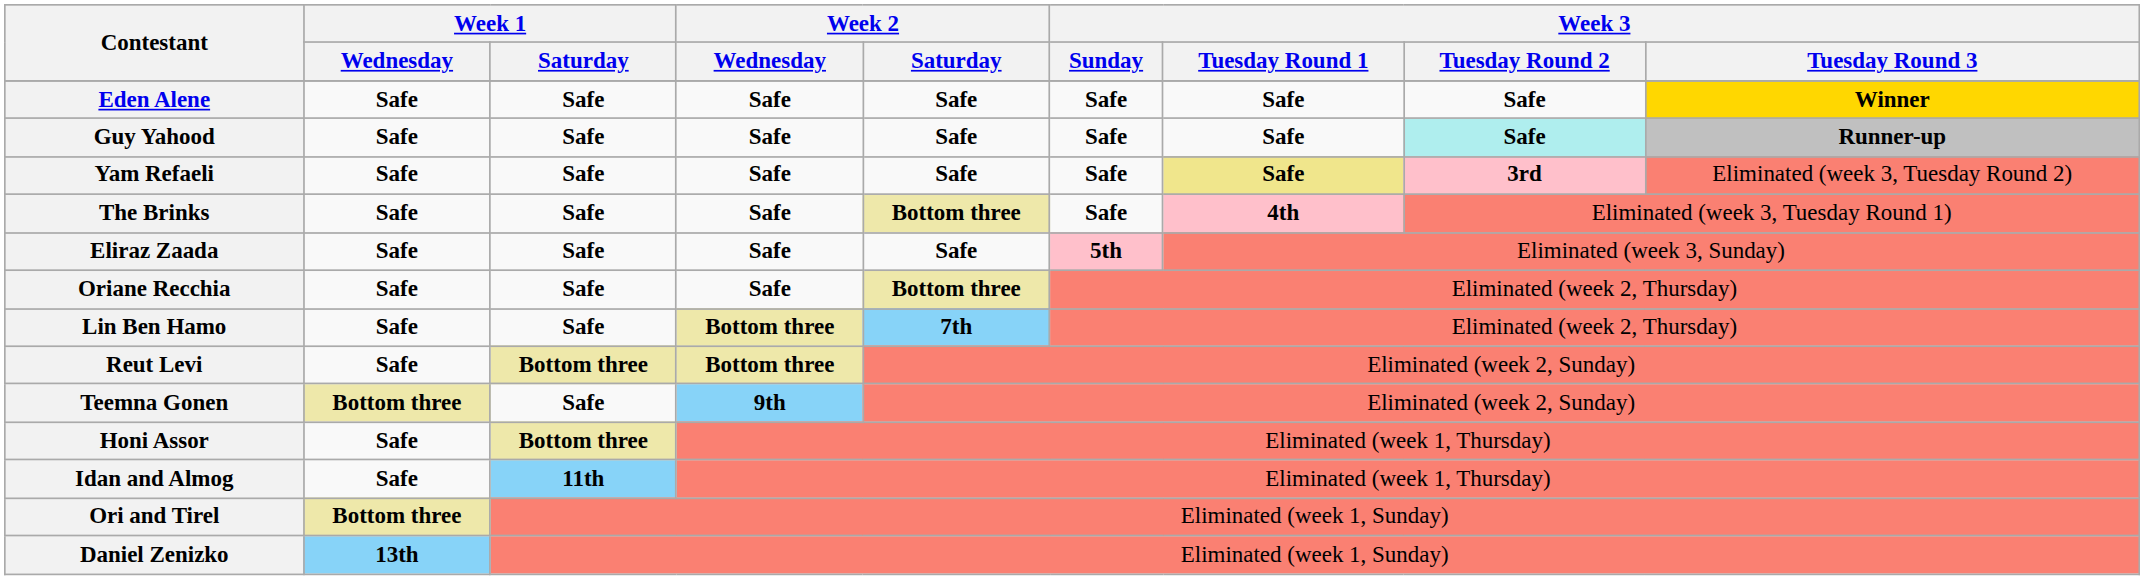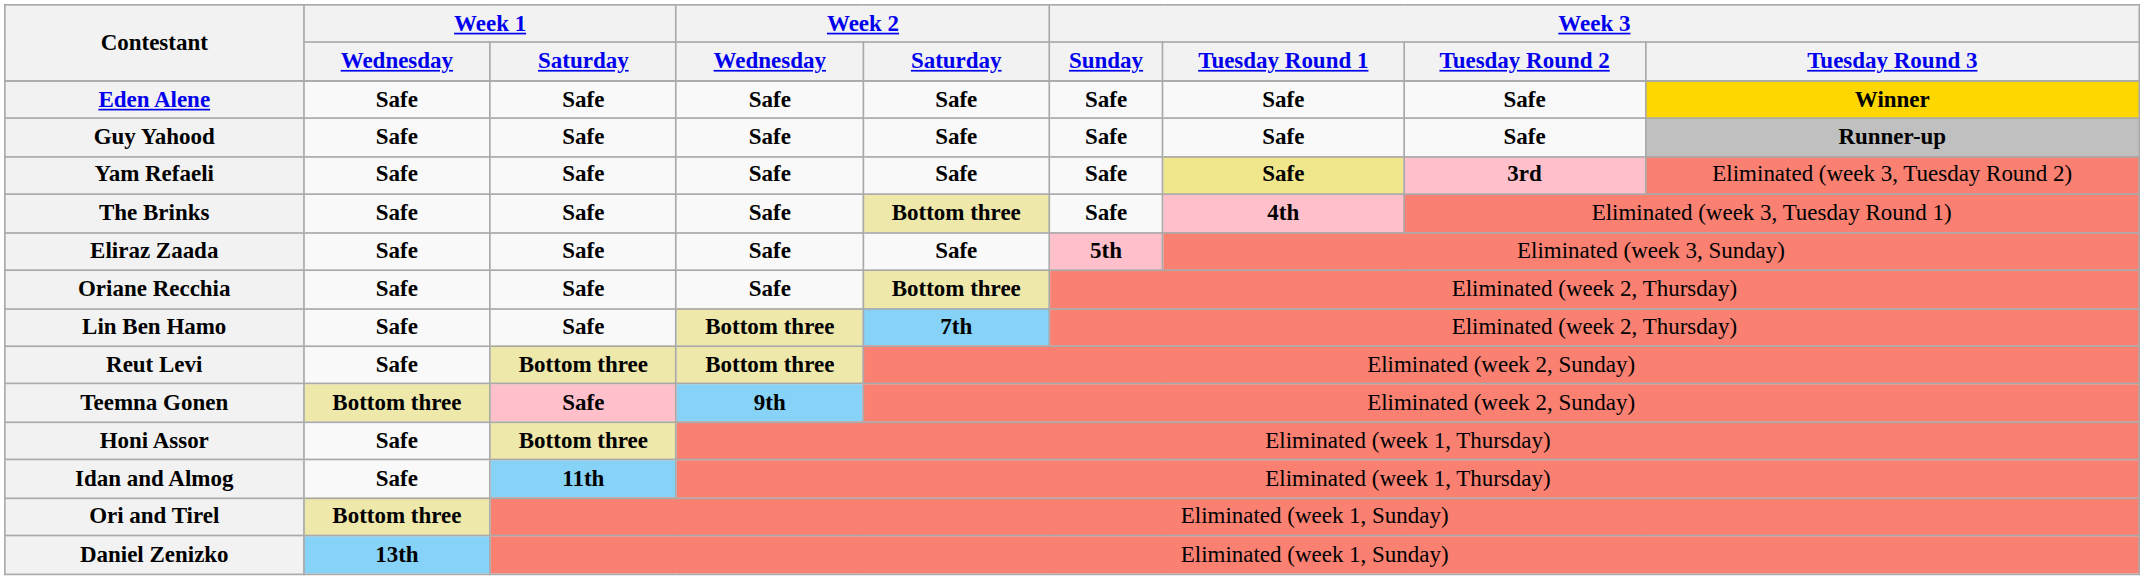 <table class="wikitable" style="text-align:center; font-size:85%; width:100%;">
 <tr>
 <th style="width:14%;" scope="col" rowspan="2">Contestant</th>
 <th scope="col" colspan="2"><a href='#'>Week 1</a></th>
 <th scope="col" colspan="2"><a href='#'>Week 2</a></th>
 <th scope="col" colspan="5"><a href='#'>Week 3</a></th>
 </tr>
 <tr>
 <th><a href='#'>Wednesday</a></th>
 <th><a href='#'>Saturday</a></th>
 <th><a href='#'>Wednesday</a></th>
 <th><a href='#'>Saturday</a></th>
 <th><a href='#'>Sunday</a></th>
 <th><a href='#'>Tuesday Round 1</a></th>
 <th><a href='#'>Tuesday Round 2</a></th>
 <th><a href='#'>Tuesday Round 3</a></th>
 </tr>
 <tr>
 </tr>
 <tr>
 <th scope="row"><a href='#'>Eden Alene</a></th>
 <td><strong>Safe</strong></td>
 <td><strong>Safe</strong></td>
 <td><strong>Safe</strong></td>
 <td><strong>Safe</strong></td>
 <td><strong>Safe</strong></td>
 <td><strong>Safe</strong></td>
 <td><strong>Safe</strong></td>
 <td style="background:gold;"><strong>Winner</strong></td>
 </tr>
 <tr>
 <th scope="row">Guy Yahood</th>
 <td><strong>Safe</strong></td>
 <td><strong>Safe</strong></td>
 <td><strong>Safe</strong></td>
 <td><strong>Safe</strong></td>
 <td><strong>Safe</strong></td>
 <td><strong>Safe</strong></td>
-<td style="background: paleturquoise;"><strong>Safe</strong></td>
+<td><strong>Safe</strong></td>
 <td style="background:silver;"><strong>Runner-up</strong></td>
 </tr>
 <tr>
 <th scope="row">Yam Refaeli</th>
 <td><strong>Safe</strong></td>
 <td><strong>Safe</strong></td>
 <td><strong>Safe</strong></td>
 <td><strong>Safe</strong></td>
 <td><strong>Safe</strong></td>
 <td style="background: khaki;"><strong>Safe</strong></td>
 <td style="background:pink;"><strong>3rd</strong></td>
 <td colspan="2" style="background:salmon;">Eliminated (week 3, Tuesday Round 2)</td>
 </tr>
 <tr>
 <th scope="row">The Brinks</th>
 <td><strong>Safe</strong></td>
 <td><strong>Safe</strong></td>
 <td><strong>Safe</strong></td>
 <td style="background:#EEE8AA;"><strong>Bottom three</strong></td>
 <td><strong>Safe</strong></td>
 <td style="background:pink;"><strong>4th</strong></td>
 <td colspan="3" style="background:salmon;">Eliminated (week 3, Tuesday Round 1)</td>
 </tr>
 <tr>
 <th scope="row">Eliraz Zaada</th>
 <td><strong>Safe</strong></td>
 <td><strong>Safe</strong></td>
 <td><strong>Safe</strong></td>
 <td><strong>Safe</strong></td>
 <td style="background:pink;"><strong>5th</strong></td>
 <td colspan="3" style="background:salmon;">Eliminated (week 3, Sunday)</td>
 </tr>
 <tr>
 <th scope="row">Oriane Recchia</th>
 <td><strong>Safe</strong></td>
 <td><strong>Safe</strong></td>
 <td><strong>Safe</strong></td>
 <td style="background:#EEE8AA;"><strong>Bottom three</strong></td>
 <td colspan="4" style="background:salmon;">Eliminated (week 2, Thursday)</td>
 </tr>
 <tr>
 <th scope="row">Lin Ben Hamo</th>
 <td><strong>Safe</strong></td>
 <td><strong>Safe</strong></td>
 <td style="background:#EEE8AA;"><strong>Bottom three</strong></td>
 <td style="background:#87D3F8;"><strong>7th</strong></td>
 <td colspan="4" style="background:salmon;">Eliminated (week 2, Thursday)</td>
 </tr>
 <tr>
 <th scope="row">Reut Levi</th>
 <td><strong>Safe</strong></td>
 <td style="background:#EEE8AA;"><strong>Bottom three</strong></td>
 <td style="background:#EEE8AA;"><strong>Bottom three</strong></td>
 <td colspan="5" style="background:salmon;">Eliminated (week 2, Sunday)</td>
 </tr>
 <tr>
 <th scope="row">Teemna Gonen</th>
 <td style="background:#EEE8AA;"><strong>Bottom three</strong></td>
-<td><strong>Safe</strong></td>
+<td style="background: pink;"><strong>Safe</strong></td>
 <td style="background:#87D3F8;"><strong>9th</strong></td>
 <td colspan="5" style="background:salmon;">Eliminated (week 2, Sunday)</td>
 </tr>
 <tr>
 <th scope="row">Honi Assor</th>
 <td><strong>Safe</strong></td>
 <td style="background:#EEE8AA;"><strong>Bottom three</strong></td>
 <td colspan="6" style="background:salmon;">Eliminated (week 1, Thursday)</td>
 </tr>
 <tr>
 <th scope="row">Idan and Almog</th>
 <td><strong>Safe</strong></td>
 <td style="background:#87D3F8;"><strong>11th</strong></td>
 <td colspan="7" style="background:salmon;">Eliminated (week 1, Thursday)</td>
 </tr>
 <tr>
 <th scope="row">Ori and Tirel</th>
 <td style="background:#EEE8AA;"><strong>Bottom three</strong></td>
 <td colspan="8" style="background:salmon;">Eliminated (week 1, Sunday)</td>
 </tr>
 <tr>
 <th scope="row">Daniel Zenizko</th>
 <td style="background:#87D3F8;"><strong>13th</strong></td>
 <td colspan="8" style="background:salmon;">Eliminated (week 1, Sunday)</td>
 </tr>
 </table>
